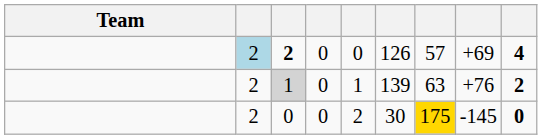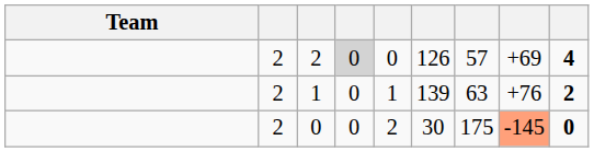 <table class=wikitable style="text-align:center">
 <tr>
 <th width=175>Team</th>
 <th width=20 abbr=Played></th>
 <th width=20 abbr=Won></th>
 <th width=20 abbr=Drawn></th>
 <th width=20 abbr=Lost></th>
 <th width=20 abbr=Goal For></th>
 <th width=20 abbr=Goal Against></th>
 <th width=20 abbr=Goal Difference></th>
 <th width=20 abbr=Points></th>
 </tr>
 <tr>
 <td align=left></td>
-<td style="background: lightblue;">2</td>
-<td><strong>2</strong></td>
-<td>0</td>
+<td>2</td>
+<td>2</td>
+<td style="background: lightgrey;">0</td>
 <td>0</td>
 <td>126</td>
 <td>57</td>
 <td>+69</td>
 <td><strong>4</strong></td>
 </tr>
 <tr>
 <td align=left></td>
 <td>2</td>
-<td style="background: lightgrey;">1</td>
+<td>1</td>
 <td>0</td>
 <td>1</td>
 <td>139</td>
 <td>63</td>
 <td>+76</td>
 <td><strong>2</strong></td>
 </tr>
 <tr>
 <td align=left></td>
 <td>2</td>
 <td>0</td>
 <td>0</td>
 <td>2</td>
 <td>30</td>
-<td style="background: gold;">175</td>
-<td>-145</td>
+<td>175</td>
+<td style="background: lightsalmon;">-145</td>
 <td><strong>0</strong></td>
 </tr>
 </table>
